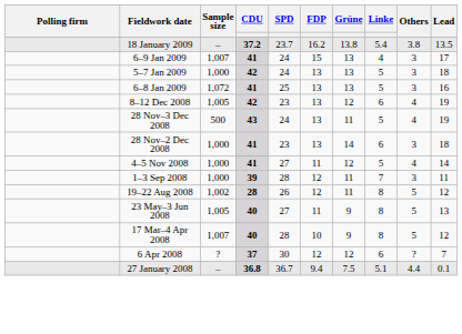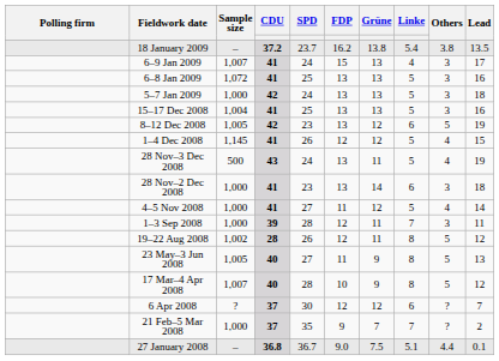 <table class="wikitable sortable" style="text-align:center;font-size:90%;line-height:14px;">
 <tr style="height:40px;">
 <th style="width:160px;" rowspan="2">Polling firm</th>
 <th style="width:110px;" rowspan="2">Fieldwork date</th>
 <th style="width:35px;" rowspan="2">Sample<br>size</th>
 <th class="unsortable" style="width:40px;"><a href='#'>CDU</a></th>
 <th class="unsortable" style="width:40px;"><a href='#'>SPD</a></th>
 <th class="unsortable" style="width:40px;"><a href='#'>FDP</a></th>
 <th class="unsortable" style="width:40px;"><a href='#'>Grüne</a></th>
 <th class="unsortable" style="width:40px;"><a href='#'>Linke</a></th>
 <th class="unsortable" style="width:40px;" rowspan="2">Others</th>
 <th style="width:30px;" rowspan="2">Lead</th>
 </tr>
 <tr>
 <th style="background:"></th>
 <th style="background:"></th>
 <th style="background:"></th>
 <th style="background:"></th>
 <th style="background:"></th>
 </tr>
 <tr style="background:#E9E9E9;">
 <td></td>
 <td data-sort-value="2009-01-18">18 January 2009</td>
 <td>–</td>
 <td style="background:#D7D5D7;"><strong>37.2</strong></td>
 <td>23.7</td>
 <td>16.2</td>
 <td>13.8</td>
 <td>5.4</td>
 <td>3.8</td>
 <td style="background:">13.5</td>
 </tr>
 <tr>
 <td></td>
 <td data-sort-value="2009-01-14">6–9 Jan 2009</td>
 <td>1,007</td>
 <td style="background:#D7D5D7;"><strong>41</strong></td>
 <td>24</td>
 <td>15</td>
 <td>13</td>
 <td>4</td>
 <td>3</td>
 <td style="background:">17</td>
 </tr>
 <tr>
 <td></td>
+<td data-sort-value="2009-01-10">6–8 Jan 2009</td>
+<td>1,072</td>
+<td style="background:#D7D5D7;"><strong>41</strong></td>
+<td>25</td>
+<td>13</td>
+<td>13</td>
+<td>5</td>
+<td>3</td>
+<td style="background:">16</td>
+</tr>
+<tr>
+<td></td>
 <td data-sort-value="2009-01-08">5–7 Jan 2009</td>
 <td>1,000</td>
 <td style="background:#D7D5D7;"><strong>42</strong></td>
 <td>24</td>
 <td>13</td>
 <td>13</td>
 <td>5</td>
 <td>3</td>
 <td style="background:">18</td>
 </tr>
 <tr>
 <td></td>
-<td data-sort-value="2009-01-10">6–8 Jan 2009</td>
-<td>1,072</td>
+<td data-sort-value="2008-12-19">15–17 Dec 2008</td>
+<td>1,004</td>
 <td style="background:#D7D5D7;"><strong>41</strong></td>
 <td>25</td>
 <td>13</td>
 <td>13</td>
 <td>5</td>
 <td>3</td>
 <td style="background:">16</td>
 </tr>
 <tr>
 <td></td>
 <td data-sort-value="2008-12-16">8–12 Dec 2008</td>
 <td>1,005</td>
 <td style="background:#D7D5D7;"><strong>42</strong></td>
 <td>23</td>
 <td>13</td>
 <td>12</td>
 <td>6</td>
+<td>5</td>
+<td style="background:">19</td>
+</tr>
+<tr>
+<td></td>
+<td data-sort-value="2008-12-05">1–4 Dec 2008</td>
+<td>1,145</td>
+<td style="background:#D7D5D7;"><strong>41</strong></td>
+<td>26</td>
+<td>12</td>
+<td>12</td>
+<td>5</td>
 <td>4</td>
-<td style="background:">19</td>
+<td style="background:">15</td>
 </tr>
 <tr>
 <td></td>
 <td data-sort-value="2008-12-18">28 Nov–3 Dec 2008</td>
 <td>500</td>
 <td style="background:#D7D5D7;"><strong>43</strong></td>
 <td>24</td>
 <td>13</td>
 <td>11</td>
 <td>5</td>
 <td>4</td>
 <td style="background:">19</td>
 </tr>
 <tr>
 <td></td>
 <td data-sort-value="2008-12-04">28 Nov–2 Dec 2008</td>
 <td>1,000</td>
 <td style="background:#D7D5D7;"><strong>41</strong></td>
 <td>23</td>
 <td>13</td>
 <td>14</td>
 <td>6</td>
 <td>3</td>
 <td style="background:">18</td>
 </tr>
 <tr>
 <td></td>
 <td data-sort-value="2008-11-06">4–5 Nov 2008</td>
 <td>1,000</td>
 <td style="background:#D7D5D7;"><strong>41</strong></td>
 <td>27</td>
 <td>11</td>
 <td>12</td>
 <td>5</td>
 <td>4</td>
 <td style="background:">14</td>
 </tr>
 <tr>
 <td></td>
 <td data-sort-value="2008-09-04">1–3 Sep 2008</td>
 <td>1,000</td>
 <td style="background:#D7D5D7;"><strong>39</strong></td>
 <td>28</td>
 <td>12</td>
 <td>11</td>
 <td>7</td>
 <td>3</td>
 <td style="background:">11</td>
 </tr>
 <tr>
 <td></td>
 <td data-sort-value="2008-08-27">19–22 Aug 2008</td>
 <td>1,002</td>
 <td style="background:#D7D5D7;"><strong>28</strong></td>
 <td>26</td>
 <td>12</td>
 <td>11</td>
 <td>8</td>
 <td>5</td>
 <td style="background:">12</td>
 </tr>
 <tr>
 <td></td>
 <td data-sort-value="2008-06-05">23 May–3 Jun 2008</td>
 <td>1,005</td>
 <td style="background:#D7D5D7;"><strong>40</strong></td>
 <td>27</td>
 <td>11</td>
 <td>9</td>
 <td>8</td>
 <td>5</td>
 <td style="background:">13</td>
 </tr>
 <tr>
 <td></td>
 <td data-sort-value="2008-04-09">17 Mar–4 Apr 2008</td>
 <td>1,007</td>
 <td style="background:#D7D5D7;"><strong>40</strong></td>
 <td>28</td>
 <td>10</td>
 <td>9</td>
 <td>8</td>
 <td>5</td>
 <td style="background:">12</td>
 </tr>
 <tr>
 <td></td>
 <td data-sort-value="2008-04-06">6 Apr 2008</td>
 <td>?</td>
 <td style="background:#D7D5D7;"><strong>37</strong></td>
 <td>30</td>
 <td>12</td>
 <td>12</td>
 <td>6</td>
 <td>?</td>
 <td style="background:">7</td>
 </tr>
+<tr>
+<td></td>
+<td data-sort-value="2008-03-03">21 Feb–5 Mar 2008</td>
+<td>1,000</td>
+<td style="background:#D7D5D7;"><strong>37</strong></td>
+<td>35</td>
+<td>9</td>
+<td>7</td>
+<td>7</td>
+<td>?</td>
+<td style="background:">2</td>
+</tr>
 <tr style="background:#E9E9E9;">
 <td></td>
 <td data-sort-value="2008-01-27">27 January 2008</td>
 <td>–</td>
 <td style="background:#D7D5D7;"><strong>36.8</strong></td>
 <td>36.7</td>
-<td>9.4</td>
+<td>9.0</td>
 <td>7.5</td>
 <td>5.1</td>
 <td>4.4</td>
 <td style="background:">0.1</td>
 </tr>
 </table>
